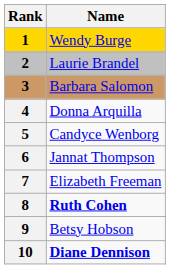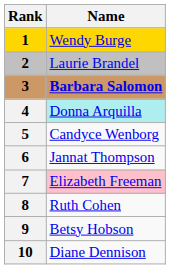 <table class="wikitable">
 <tr>
 <th>Rank</th>
 <th>Name</th>
 </tr>
 <tr bgcolor="gold">
 <td align="center"><strong>1</strong></td>
 <td><a href='#'>Wendy Burge</a></td>
 </tr>
 <tr bgcolor="silver">
 <td align="center"><strong>2</strong></td>
 <td><a href='#'>Laurie Brandel</a></td>
 </tr>
 <tr bgcolor="cc9966">
 <td align="center"><strong>3</strong></td>
-<td><a href='#'>Barbara Salomon</a></td>
+<td><strong><a href='#'>Barbara Salomon</a></strong></td>
 </tr>
 <tr>
 <th>4</th>
-<td><a href='#'>Donna Arquilla</a></td>
+<td style="background: paleturquoise;"><a href='#'>Donna Arquilla</a></td>
 </tr>
 <tr>
 <th>5</th>
 <td><a href='#'>Candyce Wenborg</a></td>
 </tr>
 <tr>
 <th>6</th>
 <td><a href='#'>Jannat Thompson</a></td>
 </tr>
 <tr>
 <th>7</th>
-<td><a href='#'>Elizabeth Freeman</a></td>
+<td style="background: pink;"><a href='#'>Elizabeth Freeman</a></td>
 </tr>
 <tr>
 <th>8</th>
-<td><strong><a href='#'>Ruth Cohen</a></strong></td>
+<td><a href='#'>Ruth Cohen</a></td>
 </tr>
 <tr>
 <th>9</th>
 <td><a href='#'>Betsy Hobson</a></td>
 </tr>
 <tr>
 <th>10</th>
-<td><strong><a href='#'>Diane Dennison</a></strong></td>
+<td><a href='#'>Diane Dennison</a></td>
 </tr>
 </table>
